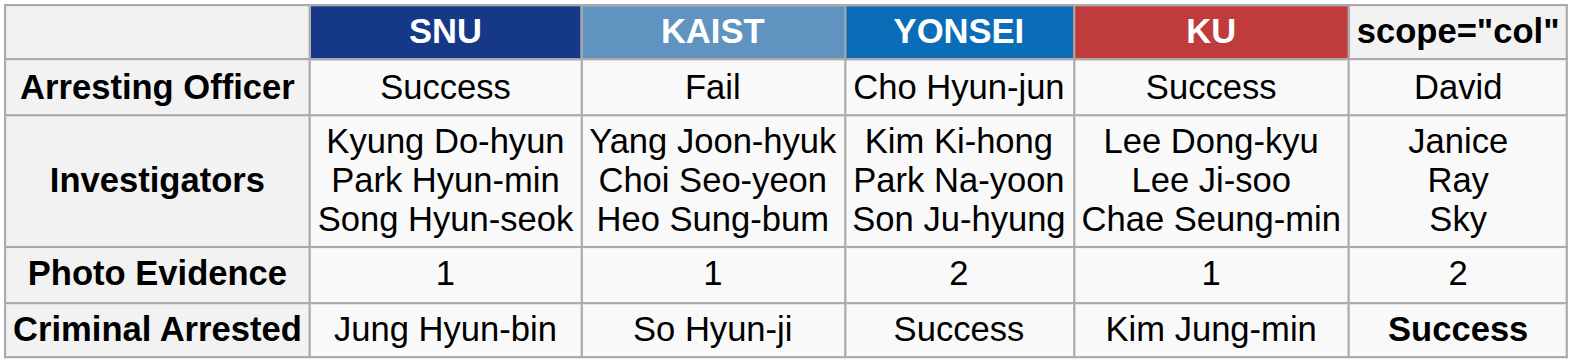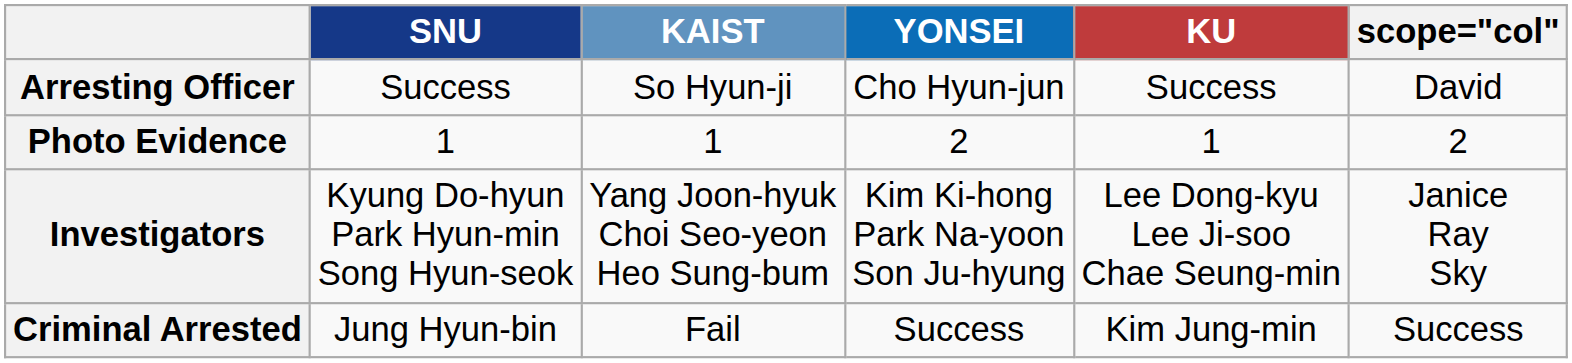 <table class="wikitable" style="text-align:center">
 <tr>
 <th scope="col"></th>
 <th scope="col" style="background-color:#153888; color:white">SNU</th>
 <th scope="col" style="background-color:#6093BF; color:white">KAIST</th>
 <th scope="col" style="background-color:#0B6DB7; color:white">YONSEI</th>
 <th scope="col" style="background-color:#BF3B3C; color:white">KU</th>
 <th>scope="col"  </th>
 </tr>
 <tr>
 <th scope="row">Arresting Officer</th>
 <td>Success</td>
-<td>Fail</td>
+<td>So Hyun-ji</td>
 <td>Cho Hyun-jun</td>
 <td>Success</td>
 <td>David</td>
+</tr>
+<tr>
+<th scope="row">Photo Evidence</th>
+<td>1</td>
+<td>1</td>
+<td>2</td>
+<td>1</td>
+<td>2</td>
 </tr>
 <tr>
 <th scope="row">Investigators</th>
 <td>Kyung Do-hyun<br>Park Hyun-min<br>Song Hyun-seok</td>
 <td>Yang Joon-hyuk<br>Choi Seo-yeon<br>Heo Sung-bum</td>
 <td>Kim Ki-hong<br>Park Na-yoon<br>Son Ju-hyung</td>
 <td>Lee Dong-kyu<br>Lee Ji-soo<br>Chae Seung-min</td>
 <td>Janice<br>Ray<br>Sky</td>
 </tr>
 <tr>
-<th scope="row">Photo Evidence</th>
-<td>1</td>
-<td>1</td>
-<td>2</td>
-<td>1</td>
-<td>2</td>
-</tr>
-<tr>
 <th scope="row">Criminal Arrested</th>
 <td>Jung Hyun-bin</td>
-<td>So Hyun-ji</td>
+<td>Fail</td>
 <td>Success</td>
 <td>Kim Jung-min</td>
-<td><strong>Success</strong></td>
+<td>Success</td>
 </tr>
 </table>
